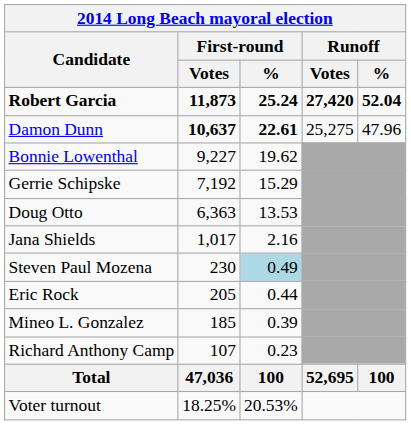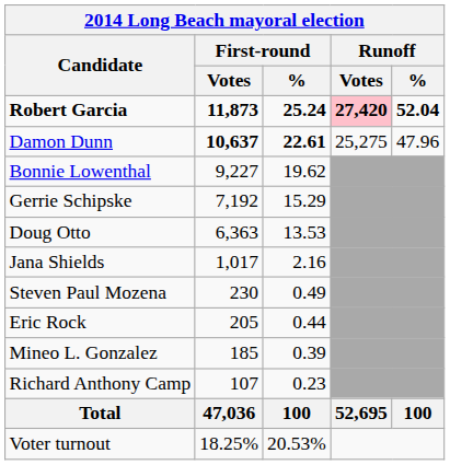 <table class=wikitable>
 <tr>
 <th colspan=5><a href='#'>2014 Long Beach mayoral election</a></th>
 </tr>
 <tr>
 <th colspan=1 rowspan=2>Candidate</th>
 <th colspan=2><strong>First-round</strong></th>
 <th colspan=2><strong>Runoff</strong></th>
 </tr>
 <tr>
 <th>Votes</th>
 <th>%</th>
 <th>Votes</th>
 <th>%</th>
 </tr>
 <tr>
 <td><strong>Robert Garcia</strong></td>
 <td align="right"><strong>11,873</strong></td>
 <td align="right"><strong>25.24</strong></td>
-<td align="right"><strong>27,420</strong></td>
+<td align="right" style="background: pink;"><strong>27,420</strong></td>
 <td align="right"><strong>52.04</strong></td>
 </tr>
 <tr>
 <td><a href='#'>Damon Dunn</a></td>
 <td align="right"><strong>10,637</strong></td>
 <td align="right"><strong>22.61</strong></td>
 <td align="right">25,275</td>
 <td align="right">47.96</td>
 </tr>
 <tr>
 <td><a href='#'>Bonnie Lowenthal</a></td>
 <td align="right">9,227</td>
 <td align="right">19.62</td>
 <td colspan=2 bgcolor=darkgray></td>
 </tr>
 <tr>
 <td>Gerrie Schipske</td>
 <td align="right">7,192</td>
 <td align="right">15.29</td>
 <td colspan=2 bgcolor=darkgray></td>
 </tr>
 <tr>
 <td>Doug Otto</td>
 <td align="right">6,363</td>
 <td align="right">13.53</td>
 <td colspan=2 bgcolor=darkgray></td>
 </tr>
 <tr>
 <td>Jana Shields</td>
 <td align="right">1,017</td>
 <td align="right">2.16</td>
 <td colspan=2 bgcolor=darkgray></td>
 </tr>
 <tr>
 <td>Steven Paul Mozena</td>
 <td align="right">230</td>
-<td align="right" style="background: lightblue;">0.49</td>
+<td align="right">0.49</td>
 <td colspan=2 bgcolor=darkgray></td>
 </tr>
 <tr>
 <td>Eric Rock</td>
 <td align="right">205</td>
 <td align="right">0.44</td>
 <td colspan=2 bgcolor=darkgray></td>
 </tr>
 <tr>
 <td>Mineo L. Gonzalez</td>
 <td align="right">185</td>
 <td align="right">0.39</td>
 <td colspan=2 bgcolor=darkgray></td>
 </tr>
 <tr>
 <td>Richard Anthony Camp</td>
 <td align="right">107</td>
 <td align="right">0.23</td>
 <td colspan=2 bgcolor=darkgray></td>
 </tr>
 <tr>
 <th>Total</th>
 <th>47,036</th>
 <th>100</th>
 <th>52,695</th>
 <th>100</th>
 </tr>
 <tr>
 <td>Voter turnout</td>
 <td>18.25%</td>
 <td>20.53%</td>
 </tr>
 </table>
